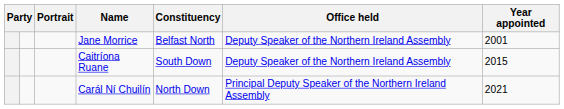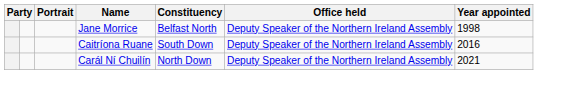 <table class="wikitable sortable">
 <tr>
 <th colspan=2>Party</th>
 <th>Portrait</th>
 <th>Name</th>
 <th>Constituency</th>
 <th>Office held</th>
 <th>Year appointed</th>
 </tr>
 <tr>
 <th style="background-color: "></th>
 <td></td>
 <td></td>
 <td><a href='#'>Jane Morrice</a></td>
 <td><a href='#'>Belfast North</a></td>
 <td><a href='#'>Deputy Speaker of the Northern Ireland Assembly</a></td>
-<td>2001</td>
+<td>1998</td>
 </tr>
 <tr>
 <th style="background-color: "></th>
 <td></td>
 <td></td>
 <td><a href='#'>Caitríona Ruane</a></td>
 <td><a href='#'>South Down</a></td>
 <td><a href='#'>Deputy Speaker of the Northern Ireland Assembly</a></td>
-<td>2015</td>
+<td>2016</td>
 </tr>
 <tr>
 <th style="background-color: "></th>
 <td></td>
 <td></td>
 <td><a href='#'>Carál Ní Chuilín</a></td>
 <td><a href='#'>North Down</a></td>
-<td><a href='#'>Principal Deputy Speaker of the Northern Ireland Assembly</a></td>
+<td><a href='#'>Deputy Speaker of the Northern Ireland Assembly</a></td>
 <td>2021</td>
 </tr>
 </table>
